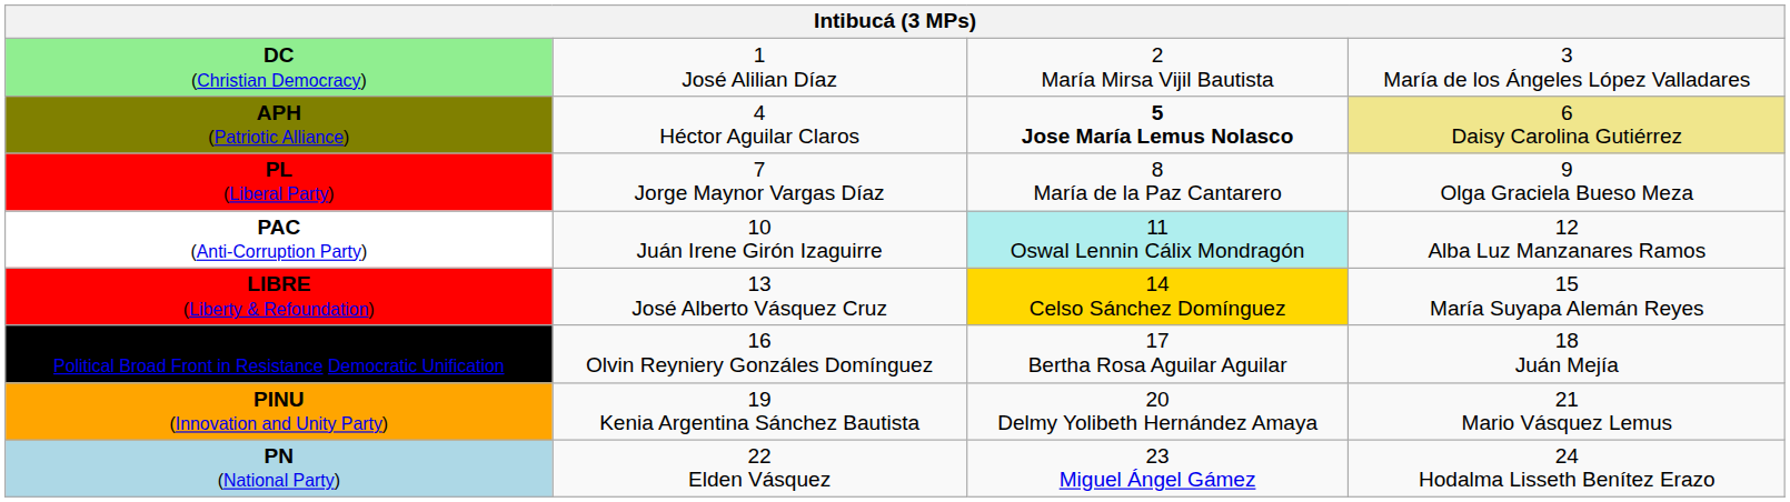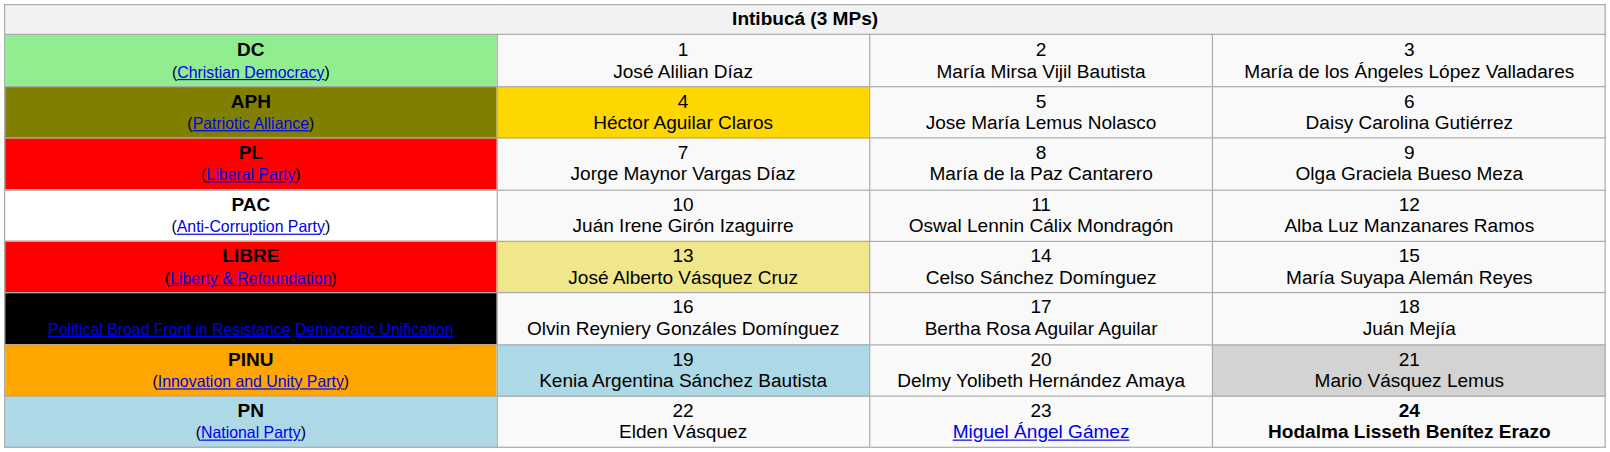 <table class="wikitable" align="center" style="width: 85%">
 <tr>
 <th colspan=24>Intibucá (3 MPs)</th>
 </tr>
 <tr align="center">
 <td bgcolor="lightgreen" rowspan=1><span><span><strong>DC</strong></span></span><br><small>(<a href='#'>Christian Democracy</a>)</small></td>
 <td>1<br>José Alilian Díaz</td>
 <td>2<br>María Mirsa Vijil Bautista</td>
 <td>3<br>María de los Ángeles López Valladares</td>
 </tr>
 <tr align="center">
 <td bgcolor="olive" rowspan=1><span><span><strong>APH</strong></span></span><br><small>(<a href='#'>Patriotic Alliance</a>)</small></td>
-<td>4<br>Héctor Aguilar Claros</td>
-<td><strong>5<br>Jose María Lemus Nolasco</strong></td>
-<td style="background: khaki;">6<br>Daisy Carolina Gutiérrez</td>
+<td style="background: gold;">4<br>Héctor Aguilar Claros</td>
+<td>5<br>Jose María Lemus Nolasco</td>
+<td>6<br>Daisy Carolina Gutiérrez</td>
 </tr>
 <tr align="center">
 <td bgcolor="red" rowspan=1><span><span><strong>PL</strong></span></span><br><small>(<a href='#'>Liberal Party</a>)</small></td>
 <td>7<br>Jorge Maynor Vargas Díaz</td>
 <td>8<br>María de la Paz Cantarero</td>
 <td>9<br>Olga Graciela Bueso Meza</td>
 </tr>
 <tr align="center">
 <td bgcolor="white" rowspan=1><span><span><strong>PAC</strong></span></span><br><small>(<a href='#'>Anti-Corruption Party</a>)</small></td>
 <td>10<br>Juán Irene Girón Izaguirre</td>
-<td style="background: paleturquoise;">11<br>Oswal Lennin Cálix Mondragón</td>
+<td>11<br>Oswal Lennin Cálix Mondragón</td>
 <td>12<br>Alba Luz Manzanares Ramos</td>
 </tr>
 <tr align="center">
 <td bgcolor="red" rowspan=1><span><span><strong>LIBRE</strong></span></span><br><small>(<a href='#'>Liberty & Refoundation</a>)</small></td>
-<td>13<br>José Alberto Vásquez Cruz</td>
-<td style="background: gold;">14<br>Celso Sánchez Domínguez</td>
+<td style="background: khaki;">13<br>José Alberto Vásquez Cruz</td>
+<td>14<br>Celso Sánchez Domínguez</td>
 <td>15<br>María Suyapa Alemán Reyes</td>
 </tr>
 <tr align="center">
 <td bgcolor="black" rowspan=1><span><span><strong>UD/FAPER</strong></span></span><br><small>(<a href='#'>Political Broad Front in Resistance</a>/<a href='#'>Democratic Unification</a>)</small></td>
 <td>16<br>Olvin Reyniery Gonzáles Domínguez</td>
 <td>17<br>Bertha Rosa Aguilar Aguilar</td>
 <td>18<br>Juán Mejía</td>
 </tr>
 <tr align="center">
 <td bgcolor="orange" rowspan=1><span><span><strong>PINU</strong></span></span><br><small>(<a href='#'>Innovation and Unity Party</a>)</small></td>
-<td>19<br>Kenia Argentina Sánchez Bautista</td>
+<td style="background: lightblue;">19<br>Kenia Argentina Sánchez Bautista</td>
 <td>20<br>Delmy Yolibeth Hernández Amaya</td>
-<td>21<br>Mario Vásquez Lemus</td>
+<td style="background: lightgrey;">21<br>Mario Vásquez Lemus</td>
 </tr>
 <tr align="center">
 <td bgcolor="lightblue" rowspan=1><span><span><strong>PN</strong></span></span><br><small>(<a href='#'>National Party</a>)</small></td>
 <td>22<br>Elden Vásquez</td>
 <td>23<br><a href='#'>Miguel Ángel Gámez</a></td>
-<td>24<br>Hodalma Lisseth Benítez Erazo</td>
+<td><strong>24<br>Hodalma Lisseth Benítez Erazo</strong></td>
 </tr>
 </table>
